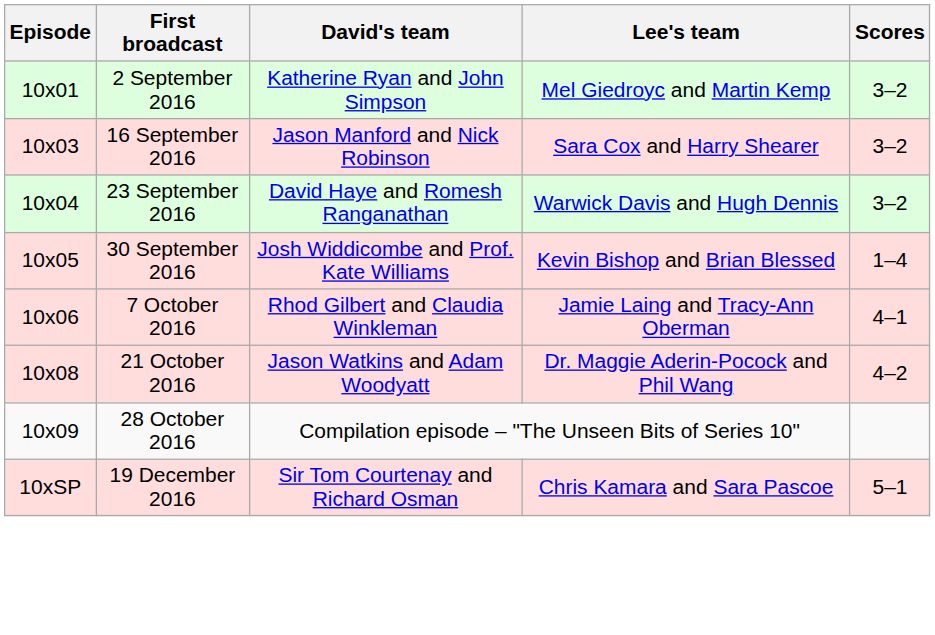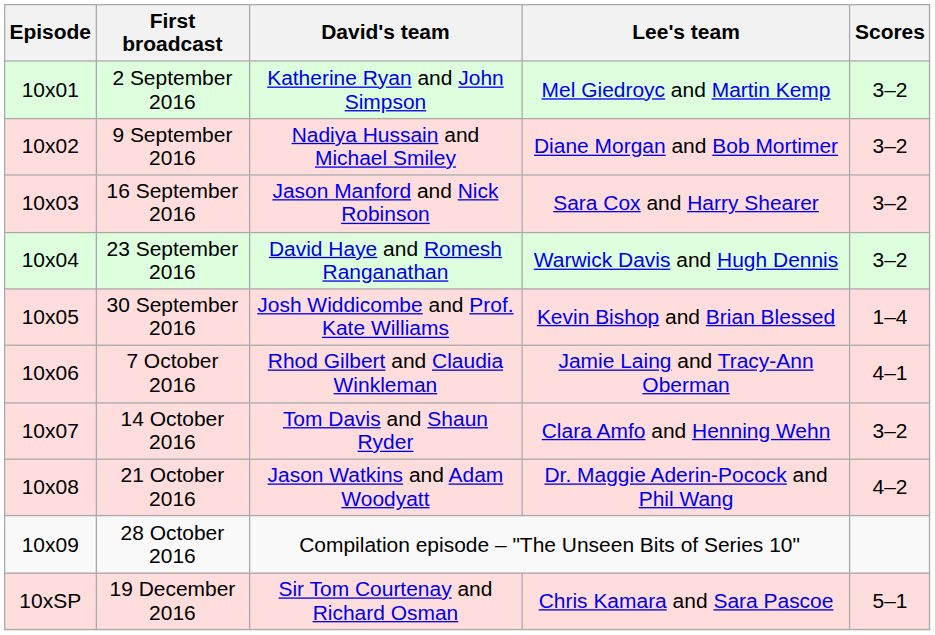 <table class="wikitable"  style="width:80%; left:0 auto; text-align:center;">
 <tr>
 <th style="width:8%;">Episode</th>
 <th style="width:17%;">First broadcast</th>
 <th style="width:31%;">David's team</th>
 <th style="width:38%;">Lee's team</th>
 <th style="width:6%;">Scores</th>
 </tr>
 <tr style="background:#dfd;">
 <td>10x01</td>
 <td>2 September 2016</td>
 <td><a href='#'>Katherine Ryan</a> and <a href='#'>John Simpson</a></td>
 <td><a href='#'>Mel Giedroyc</a> and <a href='#'>Martin Kemp</a></td>
+<td>3–2</td>
+</tr>
+<tr style="background:#fdd;">
+<td>10x02</td>
+<td>9 September 2016</td>
+<td><a href='#'>Nadiya Hussain</a> and <a href='#'>Michael Smiley</a></td>
+<td><a href='#'>Diane Morgan</a> and <a href='#'>Bob Mortimer</a></td>
 <td>3–2</td>
 </tr>
 <tr style="background:#fdd;">
 <td>10x03</td>
 <td>16 September 2016</td>
 <td><a href='#'>Jason Manford</a> and <a href='#'>Nick Robinson</a></td>
 <td><a href='#'>Sara Cox</a> and <a href='#'>Harry Shearer</a></td>
 <td>3–2</td>
 </tr>
 <tr style="background:#dfd;">
 <td>10x04</td>
 <td>23 September 2016</td>
 <td><a href='#'>David Haye</a> and <a href='#'>Romesh Ranganathan</a></td>
 <td><a href='#'>Warwick Davis</a> and <a href='#'>Hugh Dennis</a></td>
 <td>3–2</td>
 </tr>
 <tr style="background:#fdd;">
 <td>10x05</td>
 <td>30 September 2016</td>
 <td><a href='#'>Josh Widdicombe</a> and <a href='#'>Prof. Kate Williams</a></td>
 <td><a href='#'>Kevin Bishop</a> and <a href='#'>Brian Blessed</a></td>
 <td>1–4</td>
 </tr>
 <tr style="background:#fdd;">
 <td>10x06</td>
 <td>7 October 2016</td>
 <td><a href='#'>Rhod Gilbert</a> and <a href='#'>Claudia Winkleman</a></td>
 <td><a href='#'>Jamie Laing</a> and <a href='#'>Tracy-Ann Oberman</a></td>
 <td>4–1</td>
 </tr>
 <tr style="background:#fdd;">
+<td>10x07</td>
+<td>14 October 2016</td>
+<td><a href='#'>Tom Davis</a> and <a href='#'>Shaun Ryder</a></td>
+<td><a href='#'>Clara Amfo</a> and <a href='#'>Henning Wehn</a></td>
+<td>3–2</td>
+</tr>
+<tr style="background:#fdd;">
 <td>10x08</td>
 <td>21 October 2016</td>
 <td><a href='#'>Jason Watkins</a> and <a href='#'>Adam Woodyatt</a></td>
 <td><a href='#'>Dr. Maggie Aderin-Pocock</a> and <a href='#'>Phil Wang</a></td>
 <td>4–2</td>
 </tr>
 <tr>
 <td>10x09</td>
 <td>28 October 2016</td>
 <td colspan="2">Compilation episode – "The Unseen Bits of Series 10"</td>
 <td></td>
 </tr>
 <tr style="background:#fdd;">
 <td>10xSP</td>
 <td>19 December 2016</td>
 <td><a href='#'>Sir Tom Courtenay</a> and <a href='#'>Richard Osman</a></td>
 <td><a href='#'>Chris Kamara</a> and <a href='#'>Sara Pascoe</a></td>
 <td>5–1</td>
 </tr>
 </table>
